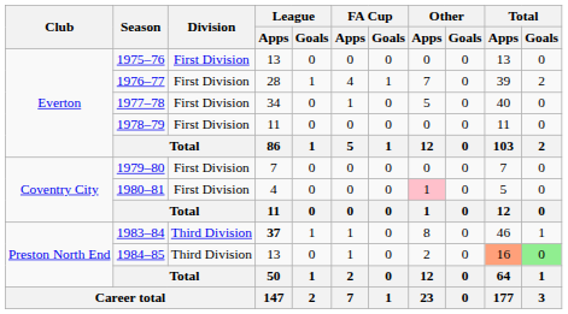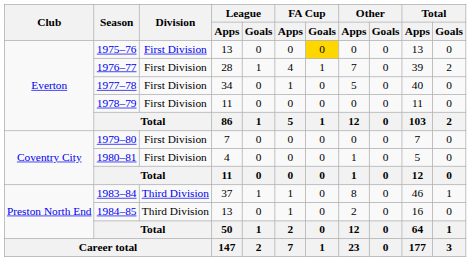 <table class="wikitable" style="text-align: center;">
 <tr>
 <th rowspan="2">Club</th>
 <th rowspan="2">Season</th>
 <th rowspan="2">Division</th>
 <th colspan="2">League</th>
 <th colspan="2">FA Cup</th>
 <th colspan="2">Other</th>
 <th colspan="2">Total</th>
 </tr>
 <tr>
 <th>Apps</th>
 <th>Goals</th>
 <th>Apps</th>
 <th>Goals</th>
 <th>Apps</th>
 <th>Goals</th>
 <th>Apps</th>
 <th>Goals</th>
 </tr>
 <tr>
 <td rowspan="5"><a href='#'>Everton</a></td>
 <td><a href='#'>1975–76</a></td>
 <td><a href='#'>First Division</a></td>
 <td>13</td>
 <td>0</td>
 <td>0</td>
-<td>0</td>
+<td style="background: gold;">0</td>
 <td>0</td>
 <td>0</td>
 <td>13</td>
 <td>0</td>
 </tr>
 <tr>
 <td><a href='#'>1976–77</a></td>
 <td>First Division</td>
 <td>28</td>
 <td>1</td>
 <td>4</td>
 <td>1</td>
 <td>7</td>
 <td>0</td>
 <td>39</td>
 <td>2</td>
 </tr>
 <tr>
 <td><a href='#'>1977–78</a></td>
 <td>First Division</td>
 <td>34</td>
 <td>0</td>
 <td>1</td>
 <td>0</td>
 <td>5</td>
 <td>0</td>
 <td>40</td>
 <td>0</td>
 </tr>
 <tr>
 <td><a href='#'>1978–79</a></td>
 <td>First Division</td>
 <td>11</td>
 <td>0</td>
 <td>0</td>
 <td>0</td>
 <td>0</td>
 <td>0</td>
 <td>11</td>
 <td>0</td>
 </tr>
 <tr>
 <th colspan="2">Total</th>
 <th>86</th>
 <th>1</th>
 <th>5</th>
 <th>1</th>
 <th>12</th>
 <th>0</th>
 <th>103</th>
 <th>2</th>
 </tr>
 <tr>
 <td rowspan="3"><a href='#'>Coventry City</a></td>
 <td><a href='#'>1979–80</a></td>
 <td>First Division</td>
 <td>7</td>
 <td>0</td>
 <td>0</td>
 <td>0</td>
 <td>0</td>
 <td>0</td>
 <td>7</td>
 <td>0</td>
 </tr>
 <tr>
 <td><a href='#'>1980–81</a></td>
 <td>First Division</td>
 <td>4</td>
 <td>0</td>
 <td>0</td>
 <td>0</td>
-<td style="background: pink;">1</td>
+<td>1</td>
 <td>0</td>
 <td>5</td>
 <td>0</td>
 </tr>
 <tr>
 <th colspan="2">Total</th>
 <th>11</th>
 <th>0</th>
 <th>0</th>
 <th>0</th>
 <th>1</th>
 <th>0</th>
 <th>12</th>
 <th>0</th>
 </tr>
 <tr>
 <td rowspan="3"><a href='#'>Preston North End</a></td>
 <td><a href='#'>1983–84</a></td>
 <td><a href='#'>Third Division</a></td>
-<td><strong>37</strong></td>
+<td>37</td>
 <td>1</td>
 <td>1</td>
 <td>0</td>
 <td>8</td>
 <td>0</td>
 <td>46</td>
 <td>1</td>
 </tr>
 <tr>
 <td><a href='#'>1984–85</a></td>
 <td>Third Division</td>
 <td>13</td>
 <td>0</td>
 <td>1</td>
 <td>0</td>
 <td>2</td>
 <td>0</td>
-<td style="background: lightsalmon;">16</td>
-<td style="background: lightgreen;">0</td>
+<td>16</td>
+<td>0</td>
 </tr>
 <tr>
 <th colspan="2">Total</th>
 <th>50</th>
 <th>1</th>
 <th>2</th>
 <th>0</th>
 <th>12</th>
 <th>0</th>
 <th>64</th>
 <th>1</th>
 </tr>
 <tr>
 <th colspan="3">Career total</th>
 <th>147</th>
 <th>2</th>
 <th>7</th>
 <th>1</th>
 <th>23</th>
 <th>0</th>
 <th>177</th>
 <th>3</th>
 </tr>
 </table>
